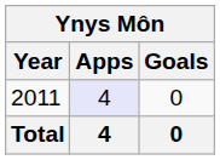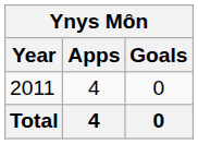 <table class="wikitable">
 <tr>
 <th colspan="5">Ynys Môn</th>
 </tr>
 <tr>
 <th>Year</th>
 <th>Apps</th>
 <th>Goals</th>
 </tr>
 <tr>
 <td>2011</td>
-<td align=center style="background: lavender;">4</td>
+<td align=center>4</td>
 <td align=center>0</td>
 </tr>
 <tr>
 <th>Total</th>
 <th>4</th>
 <th>0</th>
 </tr>
 </table>
